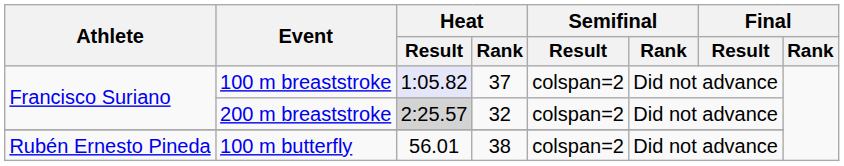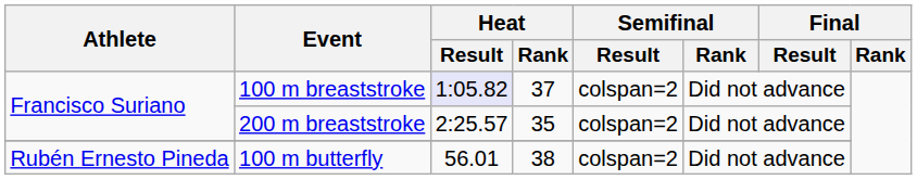 <table class="wikitable" style="font-size:90%; text-align: center">
 <tr>
 <th rowspan="2">Athlete</th>
 <th rowspan="2">Event</th>
 <th colspan="2">Heat</th>
 <th colspan="2">Semifinal</th>
 <th colspan="2">Final</th>
 </tr>
 <tr style="font-size:95%">
 <th>Result</th>
 <th>Rank</th>
 <th>Result</th>
 <th>Rank</th>
 <th>Result</th>
 <th>Rank</th>
 </tr>
 <tr align=center>
 <td align=left rowspan=2><a href='#'>Francisco Suriano</a></td>
 <td align=left><a href='#'>100 m breaststroke</a></td>
 <td style="background: lavender;">1:05.82</td>
 <td>37</td>
 <td>colspan=2 </td>
 <td colspan=2>Did not advance</td>
 </tr>
 <tr align=center>
 <td align=left><a href='#'>200 m breaststroke</a></td>
-<td style="background: lightgrey;">2:25.57</td>
-<td>32</td>
+<td>2:25.57</td>
+<td>35</td>
 <td>colspan=2 </td>
 <td colspan=2>Did not advance</td>
 </tr>
 <tr>
 </tr>
 <tr align=center>
 <td align=left><a href='#'>Rubén Ernesto Pineda</a></td>
 <td align=left><a href='#'>100 m butterfly</a></td>
 <td>56.01</td>
 <td>38</td>
 <td>colspan=2 </td>
 <td colspan=2>Did not advance</td>
 </tr>
 </table>
